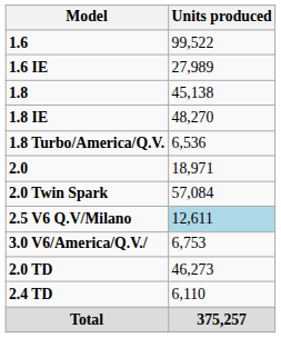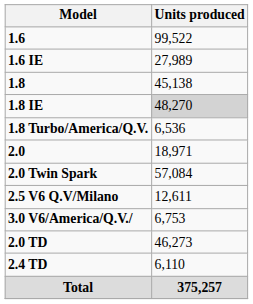 <table class="wikitable defaultcenter col1left" style="font-size:85%; float:right;">
 <tr>
 <th>Model</th>
 <th>Units produced</th>
 </tr>
 <tr>
 <td><strong>1.6 </strong></td>
 <td>99,522</td>
 </tr>
 <tr>
 <td><strong>1.6 IE </strong></td>
 <td>27,989</td>
 </tr>
 <tr>
 <td><strong>1.8 </strong></td>
 <td>45,138</td>
 </tr>
 <tr>
 <td><strong>1.8 IE </strong></td>
-<td>48,270</td>
+<td style="background: lightgrey;">48,270</td>
 </tr>
 <tr>
 <td><strong>1.8 Turbo/America/Q.V. </strong></td>
 <td>6,536</td>
 </tr>
 <tr>
 <td><strong>2.0 </strong></td>
 <td>18,971</td>
 </tr>
 <tr>
 <td><strong>2.0 Twin Spark </strong></td>
 <td>57,084</td>
 </tr>
 <tr>
 <td><strong>2.5 V6 Q.V/Milano </strong></td>
-<td style="background: lightblue;">12,611</td>
+<td>12,611</td>
 </tr>
 <tr>
 <td><strong>3.0 V6/America/Q.V./ </strong></td>
 <td>6,753</td>
 </tr>
 <tr>
 <td><strong>2.0 TD </strong></td>
 <td>46,273</td>
 </tr>
 <tr>
 <td><strong>2.4 TD </strong></td>
 <td>6,110</td>
 </tr>
 <tr>
 <th style="background:#DCDCDC">Total</th>
 <th style="background:#DCDCDC">375,257</th>
 </tr>
 <tr>
 </tr>
 </table>
